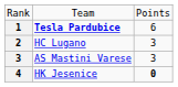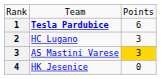 <table class="wikitable" style="text-align: center;">
 <tr>
 <td>Rank</td>
 <td>Team</td>
 <td>Points</td>
 </tr>
 <tr>
 <th>1</th>
 <td style="text-align: left;"> <strong><a href='#'>Tesla Pardubice</a></strong></td>
 <td>6</td>
 </tr>
 <tr>
 <th>2</th>
 <td style="text-align: left;"> <a href='#'>HC Lugano</a></td>
 <td>3</td>
 </tr>
 <tr>
 <th>3</th>
 <td style="text-align: left;"> <a href='#'>AS Mastini Varese</a></td>
-<td>3</td>
+<td style="background: gold;">3</td>
 </tr>
 <tr>
 <th>4</th>
 <td style="text-align: left;"> <a href='#'>HK Jesenice</a></td>
-<td><strong>0</strong></td>
+<td>0</td>
 </tr>
 </table>
